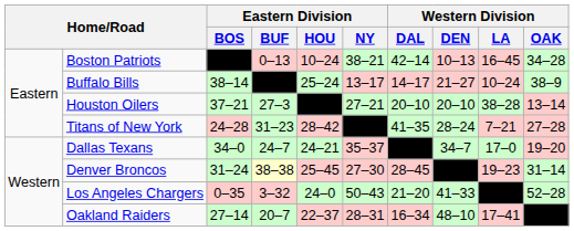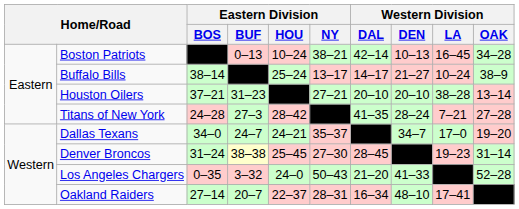 <table class="wikitable" style="font-size:95%; text-align:center">
 <tr>
 <th colspan="2" rowspan=2>Home/Road</th>
 <th colspan="4">Eastern Division</th>
 <th colspan="4">Western Division</th>
 </tr>
 <tr>
 <th><a href='#'>BOS</a></th>
 <th><a href='#'>BUF</a></th>
 <th><a href='#'>HOU</a></th>
 <th><a href='#'>NY</a></th>
 <th><a href='#'>DAL</a></th>
 <th><a href='#'>DEN</a></th>
 <th><a href='#'>LA</a></th>
 <th><a href='#'>OAK</a></th>
 </tr>
 <tr>
 <td rowspan="4">Eastern</td>
 <td align="left"><a href='#'>Boston Patriots</a></td>
 <td style="background:#000"></td>
 <td style="background:#fcc">0–13</td>
 <td style="background:#fcc">10–24</td>
 <td style="background:#cfc">38–21</td>
 <td style="background:#cfc">42–14</td>
 <td style="background:#fcc">10–13</td>
 <td style="background:#fcc">16–45</td>
 <td style="background:#cfc">34–28</td>
 </tr>
 <tr>
 <td align="left"><a href='#'>Buffalo Bills</a></td>
 <td style="background:#cfc">38–14</td>
 <td style="background:#000"></td>
 <td style="background:#cfc">25–24</td>
 <td style="background:#fcc">13–17</td>
 <td style="background:#fcc">14–17</td>
 <td style="background:#fcc">21–27</td>
 <td style="background:#fcc">10–24</td>
 <td style="background:#cfc">38–9</td>
 </tr>
 <tr>
 <td align="left"><a href='#'>Houston Oilers</a></td>
 <td style="background:#cfc">37–21</td>
-<td style="background:#cfc">27–3</td>
+<td style="background:#cfc">31–23</td>
 <td style="background:#000"></td>
 <td style="background:#cfc">27–21</td>
 <td style="background:#cfc">20–10</td>
 <td style="background:#cfc">20–10</td>
 <td style="background:#cfc">38–28</td>
 <td style="background:#fcc">13–14</td>
 </tr>
 <tr>
 <td align="left"><a href='#'>Titans of New York</a></td>
 <td style="background:#fcc">24–28</td>
-<td style="background:#cfc">31–23</td>
+<td style="background:#cfc">27–3</td>
 <td style="background:#fcc">28–42</td>
 <td style="background:#000"></td>
 <td style="background:#cfc">41–35</td>
 <td style="background:#cfc">28–24</td>
 <td style="background:#fcc">7–21</td>
 <td style="background:#fcc">27–28</td>
 </tr>
 <tr>
 <td rowspan="4">Western</td>
 <td align="left"><a href='#'>Dallas Texans</a></td>
 <td style="background:#cfc">34–0</td>
 <td style="background:#cfc">24–7</td>
 <td style="background:#cfc">24–21</td>
 <td style="background:#fcc">35–37</td>
 <td style="background:#000"></td>
 <td style="background:#cfc">34–7</td>
 <td style="background:#cfc">17–0</td>
 <td style="background:#fcc">19–20</td>
 </tr>
 <tr>
 <td align="left"><a href='#'>Denver Broncos</a></td>
 <td style="background:#cfc">31–24</td>
 <td style="background:#ffc">38–38</td>
 <td style="background:#fcc">25–45</td>
 <td style="background:#fcc">27–30</td>
 <td style="background:#fcc">28–45</td>
 <td style="background:#000"></td>
 <td style="background:#fcc">19–23</td>
 <td style="background:#cfc">31–14</td>
 </tr>
 <tr>
 <td align="left"><a href='#'>Los Angeles Chargers</a></td>
 <td style="background:#fcc">0–35</td>
 <td style="background:#fcc">3–32</td>
 <td style="background:#cfc">24–0</td>
 <td style="background:#cfc">50–43</td>
 <td style="background:#cfc">21–20</td>
 <td style="background:#cfc">41–33</td>
 <td style="background:#000"></td>
 <td style="background:#cfc">52–28</td>
 </tr>
 <tr>
 <td align="left"><a href='#'>Oakland Raiders</a></td>
 <td style="background:#cfc">27–14</td>
 <td style="background:#cfc">20–7</td>
 <td style="background:#fcc">22–37</td>
 <td style="background:#fcc">28–31</td>
 <td style="background:#fcc">16–34</td>
 <td style="background:#cfc">48–10</td>
 <td style="background:#fcc">17–41</td>
 <td style="background:#000"></td>
 </tr>
 </table>
